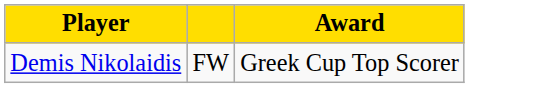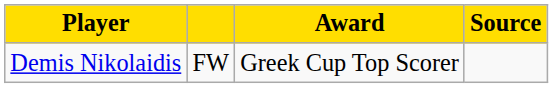 <table class="wikitable">
 <tr>
 <th style="background:#FFDE00">Player</th>
 <th style="background:#FFDE00"></th>
 <th style="background:#FFDE00">Award</th>
+<th style="background:#FFDE00">Source</th>
 </tr>
 <tr>
 <td> <a href='#'>Demis Nikolaidis</a></td>
 <td align="center">FW</td>
 <td align="center">Greek Cup Top Scorer</td>
+<td align="center"></td>
 </tr>
 </table>
